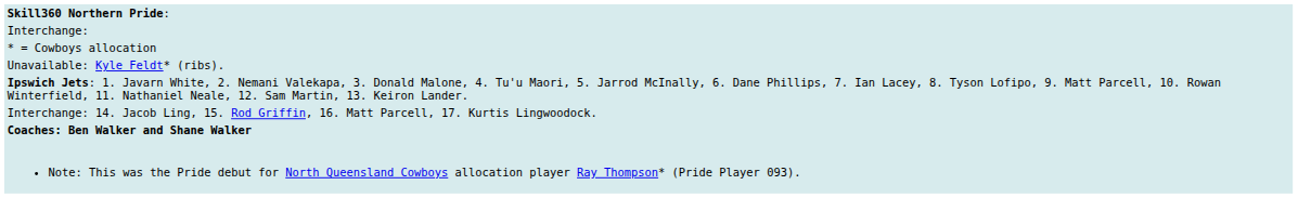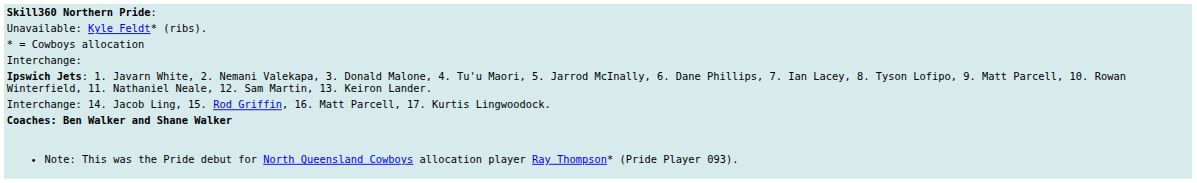 <table style="background:#d7ebed; font-size:85%; width:100%;">
 <tr>
 <td><strong>Skill360 Northern Pride</strong>:             </td>
 </tr>
 <tr>
-<td>Interchange:    </td>
+<td>Unavailable: <a href='#'>Kyle Feldt</a>* (ribs).</td>
 </tr>
 <tr>
 <td>* = Cowboys allocation</td>
 </tr>
 <tr>
-<td>Unavailable: <a href='#'>Kyle Feldt</a>* (ribs).</td>
+<td>Interchange:    </td>
 </tr>
 <tr>
 <td><strong>Ipswich Jets</strong>: 1. Javarn White, 2. Nemani Valekapa, 3. Donald Malone, 4. Tu'u Maori, 5. Jarrod McInally, 6. Dane Phillips, 7. Ian Lacey, 8. Tyson Lofipo, 9. Matt Parcell, 10. Rowan Winterfield, 11. Nathaniel Neale, 12. Sam Martin, 13. Keiron Lander.</td>
 </tr>
 <tr>
 <td>Interchange: 14. Jacob Ling, 15. <a href='#'>Rod Griffin</a>, 16. Matt Parcell, 17. Kurtis Lingwoodock.</td>
 </tr>
 <tr>
 <td><strong>Coaches: Ben Walker and Shane Walker</strong></td>
 </tr>
 <tr>
 <td><br><ul><li>Note: This was the Pride debut for <a href='#'>North Queensland Cowboys</a> allocation player <a href='#'>Ray Thompson</a>* (Pride Player 093).</li></ul></td>
 </tr>
 </table>
